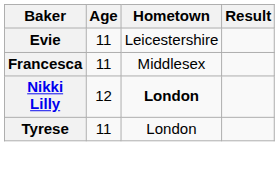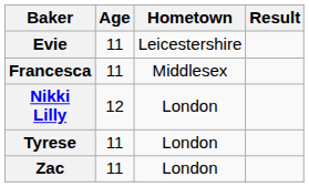 <table class="wikitable sortable" style="display:inline-table; text-align:center">
 <tr>
 <th scope="col">Baker</th>
 <th scope="col">Age</th>
 <th scope="col">Hometown</th>
 <th scope="col">Result</th>
 </tr>
 <tr>
 <th scope="row">Evie</th>
 <td>11</td>
 <td>Leicestershire</td>
 <td></td>
 </tr>
 <tr>
 <th scope="row">Francesca</th>
 <td>11</td>
 <td>Middlesex</td>
 <td></td>
 </tr>
 <tr>
 <th scope="row"><a href='#'>Nikki<br>Lilly</a></th>
 <td>12</td>
-<td><strong>London</strong></td>
+<td>London</td>
 <td></td>
 </tr>
 <tr>
 <th scope="row">Tyrese</th>
 <td>11</td>
 <td>London</td>
 <td></td>
 </tr>
+<tr>
+<th scope="row">Zac</th>
+<td>11</td>
+<td>London</td>
+<td></td>
+</tr>
 </table>
